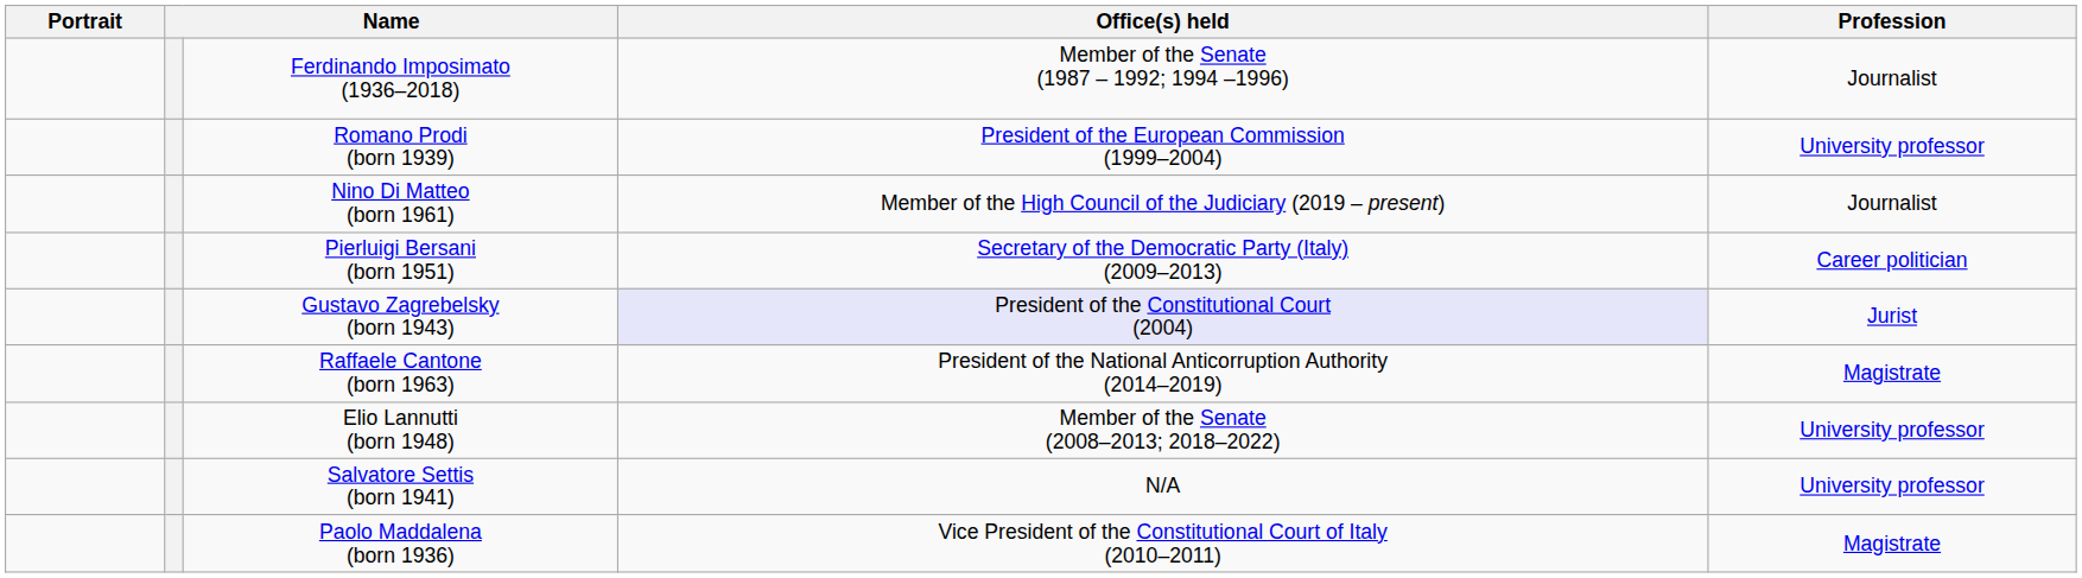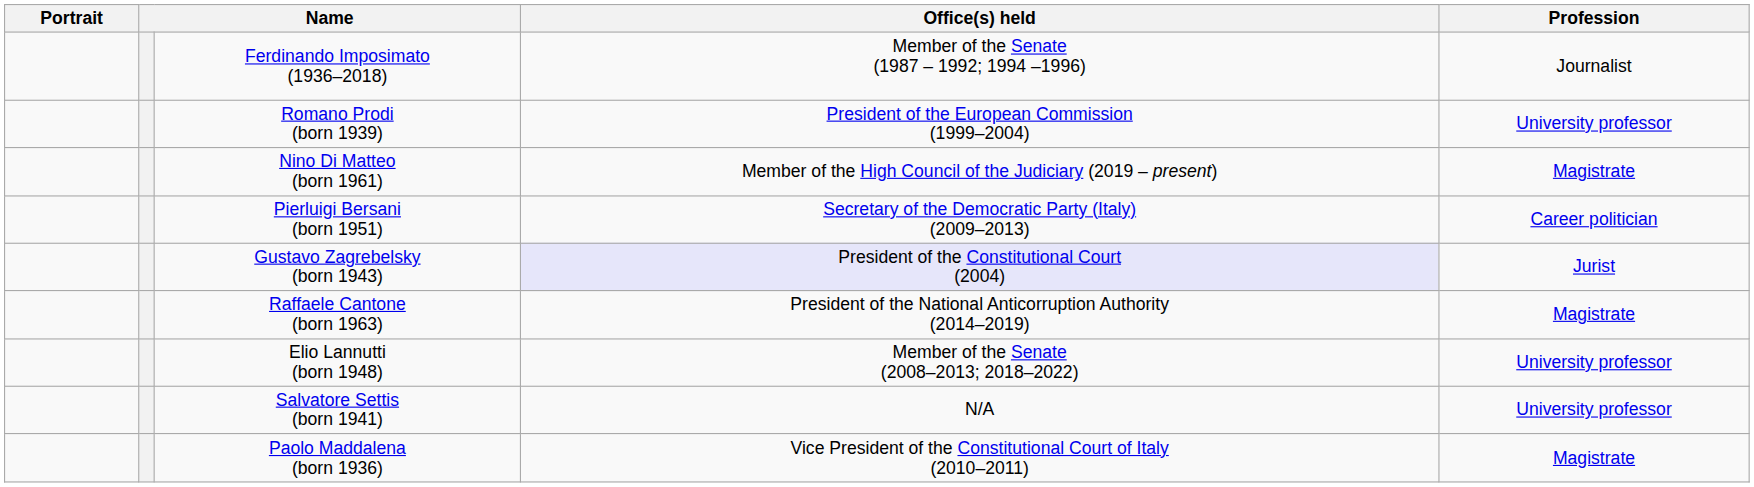 <table class="wikitable" style="text-align:center; width:80%; border:1px #AAAAFF solid">
 <tr>
 <th>Portrait</th>
 <th colspan=2>Name</th>
 <th>Office(s) held</th>
 <th>Profession</th>
 </tr>
 <tr>
 <td></td>
 <th style="background-color:"></th>
 <td><a href='#'>Ferdinando Imposimato</a><br>(1936–2018)</td>
 <td>Member of the <a href='#'>Senate</a><br>(1987 – 1992; 1994 –1996)<br><br></td>
 <td>Journalist</td>
 </tr>
 <tr>
 <td></td>
 <th style="background-color:"></th>
 <td><a href='#'>Romano Prodi</a><br>(born 1939)</td>
 <td><a href='#'>President of the European Commission</a><br> (1999–2004)<br></td>
 <td><a href='#'>University professor</a></td>
 </tr>
 <tr>
 <td></td>
 <th style="background-color:"></th>
 <td><a href='#'>Nino Di Matteo</a><br> (born 1961)</td>
 <td>Member of the <a href='#'>High Council of the Judiciary</a> (2019 – <em>present</em>)</td>
-<td>Journalist</td>
+<td><a href='#'>Magistrate</a></td>
 </tr>
 <tr>
 <td></td>
 <th style="background-color:"></th>
 <td><a href='#'>Pierluigi Bersani</a><br> (born 1951)</td>
 <td><a href='#'>Secretary of the Democratic Party (Italy)</a><br>(2009–2013)<br></td>
 <td><a href='#'>Career politician</a></td>
 </tr>
 <tr>
 <td></td>
 <th style="background-color:"></th>
 <td><a href='#'>Gustavo Zagrebelsky</a><br> (born 1943)</td>
 <td style="background: lavender;">President of the <a href='#'>Constitutional Court</a><br>(2004)<br></td>
 <td><a href='#'>Jurist</a></td>
 </tr>
 <tr>
 <td></td>
 <th style="background-color:"></th>
 <td><a href='#'>Raffaele Cantone</a><br> (born 1963)</td>
 <td>President of the National Anticorruption Authority<br>(2014–2019)</td>
 <td><a href='#'>Magistrate</a></td>
 </tr>
 <tr>
 <td></td>
 <th style="background-color:"></th>
 <td>Elio Lannutti<br> (born 1948)</td>
 <td>Member of the <a href='#'>Senate</a><br>(2008–2013; 2018–2022)</td>
 <td><a href='#'>University professor</a></td>
 </tr>
 <tr>
 <td></td>
 <th style="background-color:"></th>
 <td><a href='#'>Salvatore Settis</a><br> (born 1941)</td>
 <td>N/A</td>
 <td><a href='#'>University professor</a></td>
 </tr>
 <tr>
 <td></td>
 <th style="background-color:"></th>
 <td><a href='#'>Paolo Maddalena</a><br> (born 1936)</td>
 <td>Vice President of the <a href='#'>Constitutional Court of Italy</a><br>(2010–2011)<br></td>
 <td><a href='#'>Magistrate</a></td>
 </tr>
 </table>
